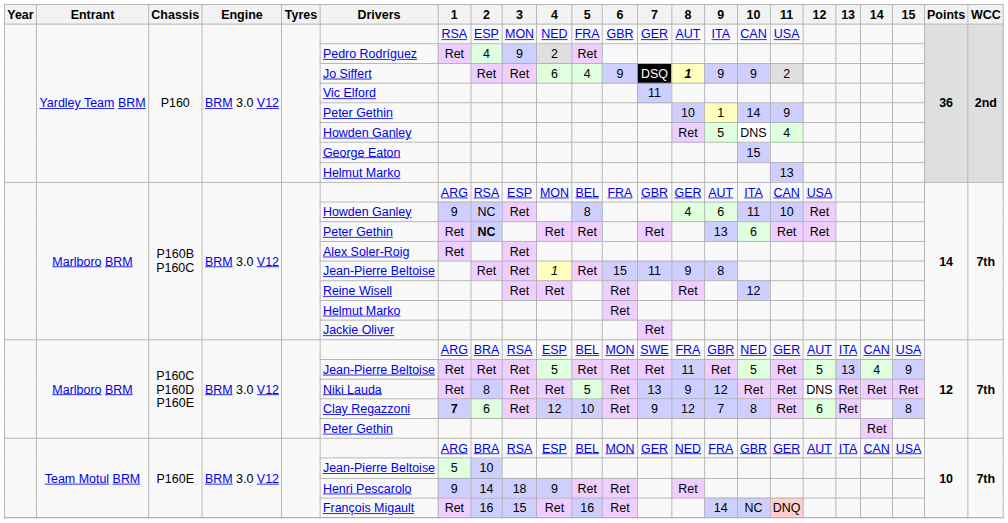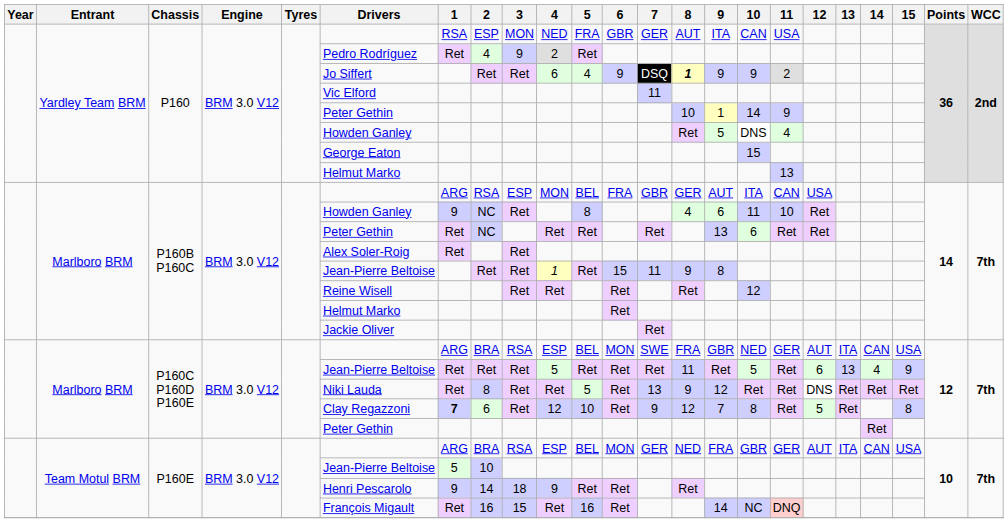 <table class="wikitable" style="text-align:center; font-size:95%">
 <tr>
 <th>Year</th>
 <th>Entrant</th>
 <th>Chassis</th>
 <th>Engine</th>
 <th>Tyres</th>
 <th>Drivers</th>
 <th>1</th>
 <th>2</th>
 <th>3</th>
 <th>4</th>
 <th>5</th>
 <th>6</th>
 <th>7</th>
 <th>8</th>
 <th>9</th>
 <th>10</th>
 <th>11</th>
 <th>12</th>
 <th>13</th>
 <th>14</th>
 <th>15</th>
 <th>Points</th>
 <th>WCC</th>
 </tr>
 <tr>
 <td rowspan="8"></td>
 <td rowspan="8"><a href='#'>Yardley Team</a> <a href='#'>BRM</a></td>
 <td rowspan="8">P160</td>
 <td rowspan="8"><a href='#'>BRM</a> 3.0 <a href='#'>V12</a></td>
 <td rowspan="8"></td>
 <td></td>
 <td><a href='#'>RSA</a></td>
 <td><a href='#'>ESP</a></td>
 <td><a href='#'>MON</a></td>
 <td><a href='#'>NED</a></td>
 <td><a href='#'>FRA</a></td>
 <td><a href='#'>GBR</a></td>
 <td><a href='#'>GER</a></td>
 <td><a href='#'>AUT</a></td>
 <td><a href='#'>ITA</a></td>
 <td><a href='#'>CAN</a></td>
 <td><a href='#'>USA</a></td>
 <td></td>
 <td></td>
 <td></td>
 <td></td>
 <td rowspan=8 style="background:#dfdfdf;"><strong>36</strong></td>
 <td rowspan=8 style="background:#dfdfdf;"><strong>2nd</strong></td>
 </tr>
 <tr>
 <td align="left"><a href='#'>Pedro Rodríguez</a></td>
 <td style="background:#efcfff;">Ret</td>
 <td style="background:#dfffdf;">4</td>
 <td style="background:#cfcfff;">9</td>
 <td style="background:#dfdfdf;">2</td>
 <td style="background:#efcfff;">Ret</td>
 <td></td>
 <td></td>
 <td></td>
 <td></td>
 <td></td>
 <td></td>
 <td></td>
 <td></td>
 <td></td>
 <td></td>
 </tr>
 <tr>
 <td align="left"><a href='#'>Jo Siffert</a></td>
 <td></td>
 <td style="background:#efcfff;">Ret</td>
 <td style="background:#efcfff;">Ret</td>
 <td style="background:#dfffdf;">6</td>
 <td style="background:#dfffdf;">4</td>
 <td style="background:#cfcfff;">9</td>
 <td style="background:#000; color:white;">DSQ</td>
 <td style="background:#ffffbf;"><strong><em>1</em></strong></td>
 <td style="background:#cfcfff;">9</td>
 <td style="background:#cfcfff;">9</td>
 <td style="background:#dfdfdf;">2</td>
 <td></td>
 <td></td>
 <td></td>
 <td></td>
 </tr>
 <tr>
 <td align="left"><a href='#'>Vic Elford</a></td>
 <td></td>
 <td></td>
 <td></td>
 <td></td>
 <td></td>
 <td></td>
 <td style="background:#cfcfff;">11</td>
 <td></td>
 <td></td>
 <td></td>
 <td></td>
 <td></td>
 <td></td>
 <td></td>
 <td></td>
 </tr>
 <tr>
 <td align="left"><a href='#'>Peter Gethin</a></td>
 <td></td>
 <td></td>
 <td></td>
 <td></td>
 <td></td>
 <td></td>
 <td></td>
 <td style="background:#cfcfff;">10</td>
 <td style="background:#ffffbf;">1</td>
 <td style="background:#cfcfff;">14</td>
 <td style="background:#cfcfff;">9</td>
 <td></td>
 <td></td>
 <td></td>
 <td></td>
 </tr>
 <tr>
 <td align="left"><a href='#'>Howden Ganley</a></td>
 <td></td>
 <td></td>
 <td></td>
 <td></td>
 <td></td>
 <td></td>
 <td></td>
 <td style="background:#efcfff;">Ret</td>
 <td style="background:#dfffdf;">5</td>
 <td style="background:white;">DNS</td>
 <td style="background:#dfffdf;">4</td>
 <td></td>
 <td></td>
 <td></td>
 <td></td>
 </tr>
 <tr>
 <td align="left"><a href='#'>George Eaton</a></td>
 <td></td>
 <td></td>
 <td></td>
 <td></td>
 <td></td>
 <td></td>
 <td></td>
 <td></td>
 <td></td>
 <td style="background:#cfcfff;">15</td>
 <td></td>
 <td></td>
 <td></td>
 <td></td>
 <td></td>
 </tr>
 <tr>
 <td align="left"><a href='#'>Helmut Marko</a></td>
 <td></td>
 <td></td>
 <td></td>
 <td></td>
 <td></td>
 <td></td>
 <td></td>
 <td></td>
 <td></td>
 <td></td>
 <td style="background:#cfcfff;">13</td>
 <td></td>
 <td></td>
 <td></td>
 <td></td>
 </tr>
 <tr>
 <td rowspan="8"></td>
 <td rowspan="8"><a href='#'>Marlboro</a> <a href='#'>BRM</a></td>
 <td rowspan="8">P160B<br>P160C</td>
 <td rowspan="8"><a href='#'>BRM</a> 3.0 <a href='#'>V12</a></td>
 <td rowspan="8"></td>
 <td></td>
 <td><a href='#'>ARG</a></td>
 <td><a href='#'>RSA</a></td>
 <td><a href='#'>ESP</a></td>
 <td><a href='#'>MON</a></td>
 <td><a href='#'>BEL</a></td>
 <td><a href='#'>FRA</a></td>
 <td><a href='#'>GBR</a></td>
 <td><a href='#'>GER</a></td>
 <td><a href='#'>AUT</a></td>
 <td><a href='#'>ITA</a></td>
 <td><a href='#'>CAN</a></td>
 <td><a href='#'>USA</a></td>
 <td></td>
 <td></td>
 <td></td>
 <td rowspan=8><strong>14</strong></td>
 <td rowspan=8><strong>7th</strong></td>
 </tr>
 <tr>
 <td align="left"><a href='#'>Howden Ganley</a></td>
 <td style="background:#cfcfff;">9</td>
 <td style="background:#cfcfff;">NC</td>
 <td style="background:#efcfff;">Ret</td>
 <td></td>
 <td style="background:#cfcfff;">8</td>
 <td></td>
 <td></td>
 <td style="background:#dfffdf;">4</td>
 <td style="background:#dfffdf;">6</td>
 <td style="background:#cfcfff;">11</td>
 <td style="background:#cfcfff;">10</td>
 <td style="background:#efcfff;">Ret</td>
 <td></td>
 <td></td>
 <td></td>
 </tr>
 <tr>
 <td align="left"><a href='#'>Peter Gethin</a></td>
 <td style="background:#efcfff;">Ret</td>
-<td style="background:#cfcfff;"><strong>NC</strong></td>
+<td style="background:#cfcfff;">NC</td>
 <td></td>
 <td style="background:#efcfff;">Ret</td>
 <td style="background:#efcfff;">Ret</td>
 <td></td>
 <td style="background:#efcfff;">Ret</td>
 <td></td>
 <td style="background:#cfcfff;">13</td>
 <td style="background:#dfffdf;">6</td>
 <td style="background:#efcfff;">Ret</td>
 <td style="background:#efcfff;">Ret</td>
 <td></td>
 <td></td>
 <td></td>
 </tr>
 <tr>
 <td align="left"><a href='#'>Alex Soler-Roig</a></td>
 <td style="background:#efcfff;">Ret</td>
 <td></td>
 <td style="background:#efcfff;">Ret</td>
 <td></td>
 <td></td>
 <td></td>
 <td></td>
 <td></td>
 <td></td>
 <td></td>
 <td></td>
 <td></td>
 <td></td>
 <td></td>
 <td></td>
 </tr>
 <tr>
 <td align="left"><a href='#'>Jean-Pierre Beltoise</a></td>
 <td></td>
 <td style="background:#efcfff;">Ret</td>
 <td style="background:#efcfff;">Ret</td>
 <td style="background:#ffffbf;"><em>1</em></td>
 <td style="background:#efcfff;">Ret</td>
 <td style="background:#cfcfff;">15</td>
 <td style="background:#cfcfff;">11</td>
 <td style="background:#cfcfff;">9</td>
 <td style="background:#cfcfff;">8</td>
 <td></td>
 <td></td>
 <td></td>
 <td></td>
 <td></td>
 <td></td>
 </tr>
 <tr>
 <td align="left"><a href='#'>Reine Wisell</a></td>
 <td></td>
 <td></td>
 <td style="background:#efcfff;">Ret</td>
 <td style="background:#efcfff;">Ret</td>
 <td></td>
 <td style="background:#efcfff;">Ret</td>
 <td></td>
 <td style="background:#efcfff;">Ret</td>
 <td></td>
 <td style="background:#cfcfff;">12</td>
 <td></td>
 <td></td>
 <td></td>
 <td></td>
 <td></td>
 </tr>
 <tr>
 <td align="left"><a href='#'>Helmut Marko</a></td>
 <td></td>
 <td></td>
 <td></td>
 <td></td>
 <td></td>
 <td style="background:#efcfff;">Ret</td>
 <td></td>
 <td></td>
 <td></td>
 <td></td>
 <td></td>
 <td></td>
 <td></td>
 <td></td>
 <td></td>
 </tr>
 <tr>
 <td align="left"><a href='#'>Jackie Oliver</a></td>
 <td></td>
 <td></td>
 <td></td>
 <td></td>
 <td></td>
 <td></td>
 <td style="background:#efcfff;">Ret</td>
 <td></td>
 <td></td>
 <td></td>
 <td></td>
 <td></td>
 <td></td>
 <td></td>
 <td></td>
 </tr>
 <tr>
 <td rowspan="5"></td>
 <td rowspan="5"><a href='#'>Marlboro</a> <a href='#'>BRM</a></td>
 <td rowspan="5">P160C<br>P160D<br>P160E</td>
 <td rowspan="5"><a href='#'>BRM</a> 3.0 <a href='#'>V12</a></td>
 <td rowspan="5"></td>
 <td></td>
 <td><a href='#'>ARG</a></td>
 <td><a href='#'>BRA</a></td>
 <td><a href='#'>RSA</a></td>
 <td><a href='#'>ESP</a></td>
 <td><a href='#'>BEL</a></td>
 <td><a href='#'>MON</a></td>
 <td><a href='#'>SWE</a></td>
 <td><a href='#'>FRA</a></td>
 <td><a href='#'>GBR</a></td>
 <td><a href='#'>NED</a></td>
 <td><a href='#'>GER</a></td>
 <td><a href='#'>AUT</a></td>
 <td><a href='#'>ITA</a></td>
 <td><a href='#'>CAN</a></td>
 <td><a href='#'>USA</a></td>
 <td rowspan=5><strong>12</strong></td>
 <td rowspan=5><strong>7th</strong></td>
 </tr>
 <tr>
 <td align="left"><a href='#'>Jean-Pierre Beltoise</a></td>
 <td style="background:#efcfff;">Ret</td>
 <td style="background:#efcfff;">Ret</td>
 <td style="background:#efcfff;">Ret</td>
 <td style="background:#dfffdf;">5</td>
 <td style="background:#efcfff;">Ret</td>
 <td style="background:#efcfff;">Ret</td>
 <td style="background:#efcfff;">Ret</td>
 <td style="background:#cfcfff;">11</td>
 <td style="background:#efcfff;">Ret</td>
 <td style="background:#dfffdf;">5</td>
 <td style="background:#efcfff;">Ret</td>
-<td style="background:#dfffdf;">5</td>
+<td style="background:#dfffdf;">6</td>
 <td style="background:#cfcfff;">13</td>
 <td style="background:#dfffdf;">4</td>
 <td style="background:#cfcfff;">9</td>
 </tr>
 <tr>
 <td align="left"><a href='#'>Niki Lauda</a></td>
 <td style="background:#efcfff;">Ret</td>
 <td style="background:#cfcfff;">8</td>
 <td style="background:#efcfff;">Ret</td>
 <td style="background:#efcfff;">Ret</td>
 <td style="background:#dfffdf;">5</td>
 <td style="background:#efcfff;">Ret</td>
 <td style="background:#cfcfff;">13</td>
 <td style="background:#cfcfff;">9</td>
 <td style="background:#cfcfff;">12</td>
 <td style="background:#efcfff;">Ret</td>
 <td style="background:#efcfff;">Ret</td>
 <td style="background:#ffffff;">DNS</td>
 <td style="background:#efcfff;">Ret</td>
 <td style="background:#efcfff;">Ret</td>
 <td style="background:#efcfff;">Ret</td>
 </tr>
 <tr>
 <td align="left"><a href='#'>Clay Regazzoni</a></td>
 <td style="background:#cfcfff;"><strong>7</strong></td>
 <td style="background:#dfffdf;">6</td>
 <td style="background:#efcfff;">Ret</td>
 <td style="background:#cfcfff;">12</td>
 <td style="background:#cfcfff;">10</td>
 <td style="background:#efcfff;">Ret</td>
 <td style="background:#cfcfff;">9</td>
 <td style="background:#cfcfff;">12</td>
 <td style="background:#cfcfff;">7</td>
 <td style="background:#cfcfff;">8</td>
 <td style="background:#efcfff;">Ret</td>
-<td style="background:#dfffdf;">6</td>
+<td style="background:#dfffdf;">5</td>
 <td style="background:#efcfff;">Ret</td>
 <td></td>
 <td style="background:#cfcfff;">8</td>
 </tr>
 <tr>
 <td align="left"><a href='#'>Peter Gethin</a></td>
 <td></td>
 <td></td>
 <td></td>
 <td></td>
 <td></td>
 <td></td>
 <td></td>
 <td></td>
 <td></td>
 <td></td>
 <td></td>
 <td></td>
 <td></td>
 <td style="background:#efcfff;">Ret</td>
 <td></td>
 </tr>
 <tr>
 <td rowspan="4"></td>
 <td rowspan="4"><a href='#'>Team Motul</a> <a href='#'>BRM</a></td>
 <td rowspan="4">P160E</td>
 <td rowspan="4"><a href='#'>BRM</a> 3.0 <a href='#'>V12</a></td>
 <td rowspan="4"></td>
 <td></td>
 <td><a href='#'>ARG</a></td>
 <td><a href='#'>BRA</a></td>
 <td><a href='#'>RSA</a></td>
 <td><a href='#'>ESP</a></td>
 <td><a href='#'>BEL</a></td>
 <td><a href='#'>MON</a></td>
 <td><a href='#'>GER</a></td>
 <td><a href='#'>NED</a></td>
 <td><a href='#'>FRA</a></td>
 <td><a href='#'>GBR</a></td>
 <td><a href='#'>GER</a></td>
 <td><a href='#'>AUT</a></td>
 <td><a href='#'>ITA</a></td>
 <td><a href='#'>CAN</a></td>
 <td><a href='#'>USA</a></td>
 <td rowspan=4><strong>10</strong></td>
 <td rowspan=4><strong>7th</strong></td>
 </tr>
 <tr>
 <td align="left"><a href='#'>Jean-Pierre Beltoise</a></td>
 <td style="background:#dfffdf;">5</td>
 <td style="background:#cfcfff;">10</td>
 <td></td>
 <td></td>
 <td></td>
 <td></td>
 <td></td>
 <td></td>
 <td></td>
 <td></td>
 <td></td>
 <td></td>
 <td></td>
 <td></td>
 <td></td>
 </tr>
 <tr>
 <td align="left"><a href='#'>Henri Pescarolo</a></td>
 <td style="background:#cfcfff;">9</td>
 <td style="background:#cfcfff;">14</td>
 <td style="background:#cfcfff;">18</td>
 <td style="background:#cfcfff;">9</td>
 <td style="background:#efcfff;">Ret</td>
 <td style="background:#efcfff;">Ret</td>
 <td></td>
 <td style="background:#efcfff;">Ret</td>
 <td></td>
 <td></td>
 <td></td>
 <td></td>
 <td></td>
 <td></td>
 <td></td>
 </tr>
 <tr>
 <td align="left"><a href='#'>François Migault</a></td>
 <td style="background:#efcfff;">Ret</td>
 <td style="background:#cfcfff;">16</td>
 <td style="background:#cfcfff;">15</td>
 <td style="background:#efcfff;">Ret</td>
 <td style="background:#cfcfff;">16</td>
 <td style="background:#efcfff;">Ret</td>
 <td></td>
 <td></td>
 <td style="background:#cfcfff;">14</td>
 <td style="background:#cfcfff;">NC</td>
 <td style="background:#ffcfcf;">DNQ</td>
 <td></td>
 <td></td>
 <td></td>
 <td></td>
 </tr>
 <tr>
 </tr>
 </table>
